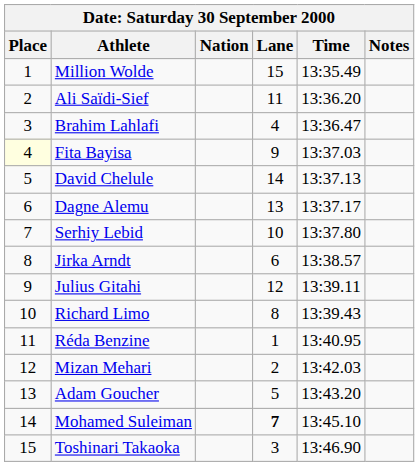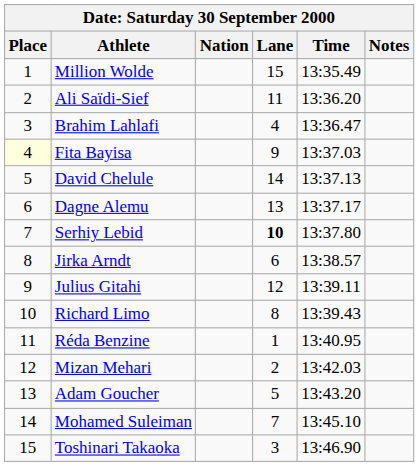 <table class="wikitable">
 <tr>
 <th colspan=9>Date: Saturday 30 September 2000 <br></th>
 </tr>
 <tr>
 <th colspan=1>Place</th>
 <th rowspan=1>Athlete</th>
 <th rowspan=1>Nation</th>
 <th rowspan=1>Lane</th>
 <th rowspan=1>Time</th>
 <th rowspan=1>Notes</th>
 </tr>
 <tr>
 <td align="center">1</td>
 <td align="left"><a href='#'>Million Wolde</a></td>
 <td align="left"></td>
 <td align="center">15</td>
 <td align="center">13:35.49</td>
 <td align="center"></td>
 </tr>
 <tr>
 <td align="center">2</td>
 <td align="left"><a href='#'>Ali Saïdi-Sief</a></td>
 <td align="left"></td>
 <td align="center">11</td>
 <td align="center">13:36.20</td>
 <td align="center"></td>
 </tr>
 <tr>
 <td align="center">3</td>
 <td align="left"><a href='#'>Brahim Lahlafi</a></td>
 <td align="left"></td>
 <td align="center">4</td>
 <td align="center">13:36.47</td>
 <td align="center"></td>
 </tr>
 <tr>
 <td align="center" style="background: lightyellow;">4</td>
 <td align="left"><a href='#'>Fita Bayisa</a></td>
 <td align="left"></td>
 <td align="center">9</td>
 <td align="center">13:37.03</td>
 <td align="center"></td>
 </tr>
 <tr>
 <td align="center">5</td>
 <td align="left"><a href='#'>David Chelule</a></td>
 <td align="left"></td>
 <td align="center">14</td>
 <td align="center">13:37.13</td>
 <td align="center"></td>
 </tr>
 <tr>
 <td align="center">6</td>
 <td align="left"><a href='#'>Dagne Alemu</a></td>
 <td align="left"></td>
 <td align="center">13</td>
 <td align="center">13:37.17</td>
 <td align="center"></td>
 </tr>
 <tr>
 <td align="center">7</td>
 <td align="left"><a href='#'>Serhiy Lebid</a></td>
 <td align="left"></td>
-<td align="center">10</td>
+<td align="center"><strong>10</strong></td>
 <td align="center">13:37.80</td>
 <td align="center"></td>
 </tr>
 <tr>
 <td align="center">8</td>
 <td align="left"><a href='#'>Jirka Arndt</a></td>
 <td align="left"></td>
 <td align="center">6</td>
 <td align="center">13:38.57</td>
 <td align="center"></td>
 </tr>
 <tr>
 <td align="center">9</td>
 <td align="left"><a href='#'>Julius Gitahi</a></td>
 <td align="left"></td>
 <td align="center">12</td>
 <td align="center">13:39.11</td>
 <td align="center"></td>
 </tr>
 <tr>
 <td align="center">10</td>
 <td align="left"><a href='#'>Richard Limo</a></td>
 <td align="left"></td>
 <td align="center">8</td>
 <td align="center">13:39.43</td>
 <td align="center"></td>
 </tr>
 <tr>
 <td align="center">11</td>
 <td align="left"><a href='#'>Réda Benzine</a></td>
 <td align="left"></td>
 <td align="center">1</td>
 <td align="center">13:40.95</td>
 <td align="center"></td>
 </tr>
 <tr>
 <td align="center">12</td>
 <td align="left"><a href='#'>Mizan Mehari</a></td>
 <td align="left"></td>
 <td align="center">2</td>
 <td align="center">13:42.03</td>
 <td align="center"></td>
 </tr>
 <tr>
 <td align="center">13</td>
 <td align="left"><a href='#'>Adam Goucher</a></td>
 <td align="left"></td>
 <td align="center">5</td>
 <td align="center">13:43.20</td>
 <td align="center"></td>
 </tr>
 <tr>
 <td align="center">14</td>
 <td align="left"><a href='#'>Mohamed Suleiman</a></td>
 <td align="left"></td>
-<td align="center"><strong>7</strong></td>
+<td align="center">7</td>
 <td align="center">13:45.10</td>
 <td align="center"></td>
 </tr>
 <tr>
 <td align="center">15</td>
 <td align="left"><a href='#'>Toshinari Takaoka</a></td>
 <td align="left"></td>
 <td align="center">3</td>
 <td align="center">13:46.90</td>
 <td align="center"></td>
 </tr>
 </table>
